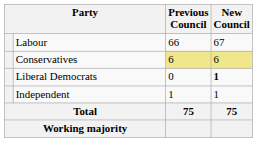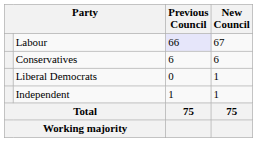 <table class="wikitable">
 <tr>
 <th colspan="2" valign="top" style="width: 230px">Party</th>
 <th valign="top" style="width: 30px">Previous Council</th>
 <th valign="top" style="width: 30px">New Council</th>
 </tr>
 <tr>
 <th style="background-color: "></th>
 <td>Labour</td>
-<td>66</td>
+<td style="background: lavender;">66</td>
 <td>67</td>
 </tr>
 <tr>
 <th style="background-color: "></th>
 <td>Conservatives</td>
-<td style="background: khaki;">6</td>
-<td style="background: khaki;">6</td>
+<td>6</td>
+<td>6</td>
 </tr>
 <tr>
 <th style="background-color: "></th>
 <td>Liberal Democrats</td>
 <td>0</td>
-<td><strong>1</strong></td>
+<td>1</td>
 </tr>
 <tr>
 <th style="background-color: "></th>
 <td>Independent</td>
 <td>1</td>
 <td>1</td>
 </tr>
 <tr>
 <th colspan="2">Total</th>
 <th style="text-align: center">75</th>
 <th>75</th>
 </tr>
 <tr>
 <th colspan="2">Working majority</th>
 <th></th>
 <th></th>
 </tr>
 </table>
